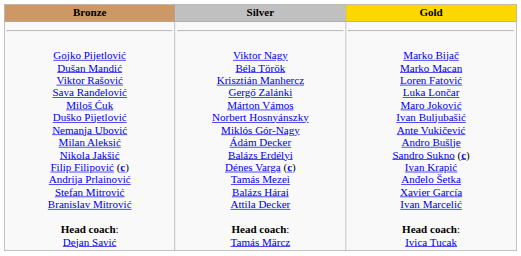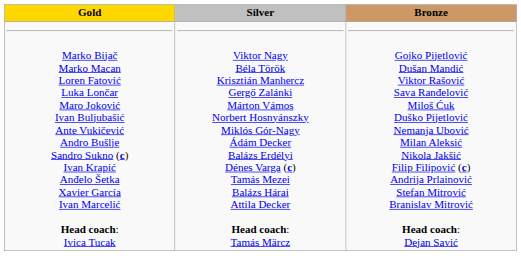 <table class="wikitable">
 <tr>
+<th style="text-align:center; width:15em; background-color:gold;">Gold</th>
+<th style="text-align:center; width:15em; background-color:silver;">Silver</th>
 <th style="text-align:center; width:15em; background-color:#CC9966;">Bronze</th>
-<th style="text-align:center; width:15em; background-color:silver;">Silver</th>
-<th style="text-align:center; width:15em; background-color:gold;">Gold</th>
 </tr>
 <tr>
+<td style="text-align:center; vertical-align:top;"><strong></strong> <hr><br><a href='#'>Marko Bijač</a><br> <a href='#'>Marko Macan</a><br> <a href='#'>Loren Fatović</a><br> <a href='#'>Luka Lončar</a><br> <a href='#'>Maro Joković</a><br> <a href='#'>Ivan Buljubašić</a><br> <a href='#'>Ante Vukičević</a><br> <a href='#'>Andro Bušlje</a><br> <a href='#'>Sandro Sukno</a> (<a href='#'><strong>c</strong></a>)<br> <a href='#'>Ivan Krapić</a><br> <a href='#'>Anđelo Šetka</a><br> <a href='#'>Xavier García</a><br> <a href='#'>Ivan Marcelić</a><br><br><strong>Head coach</strong>: <br><a href='#'>Ivica Tucak</a></td>
+<td style="text-align:center; vertical-align:top;"><strong></strong> <hr><br><a href='#'>Viktor Nagy</a><br> <a href='#'>Béla Török</a><br> <a href='#'>Krisztián Manhercz</a><br> <a href='#'>Gergő Zalánki</a><br> <a href='#'>Márton Vámos</a><br> <a href='#'>Norbert Hosnyánszky</a><br> <a href='#'>Miklós Gór-Nagy</a><br> <a href='#'>Ádám Decker</a><br> <a href='#'>Balázs Erdélyi</a><br> <a href='#'>Dénes Varga</a> (<a href='#'><strong>c</strong></a>)<br> <a href='#'>Tamás Mezei</a><br> <a href='#'>Balázs Hárai</a><br> <a href='#'>Attila Decker</a><br><br><strong>Head coach</strong>: <br><a href='#'>Tamás Märcz</a></td>
 <td style="text-align:center; vertical-align:top;"><strong></strong> <hr><br><a href='#'>Gojko Pijetlović</a><br> <a href='#'>Dušan Mandić</a><br> <a href='#'>Viktor Rašović</a><br> <a href='#'>Sava Ranđelović</a><br> <a href='#'>Miloš Ćuk</a><br> <a href='#'>Duško Pijetlović</a><br> <a href='#'>Nemanja Ubović</a><br> <a href='#'>Milan Aleksić</a><br> <a href='#'>Nikola Jakšić</a><br> <a href='#'>Filip Filipović</a> (<a href='#'><strong>c</strong></a>)<br> <a href='#'>Andrija Prlainović</a><br> <a href='#'>Stefan Mitrović</a><br> <a href='#'>Branislav Mitrović</a><br><br><strong>Head coach</strong>: <br><a href='#'>Dejan Savić</a></td>
-<td style="text-align:center; vertical-align:top;"><strong></strong> <hr><br><a href='#'>Viktor Nagy</a><br> <a href='#'>Béla Török</a><br> <a href='#'>Krisztián Manhercz</a><br> <a href='#'>Gergő Zalánki</a><br> <a href='#'>Márton Vámos</a><br> <a href='#'>Norbert Hosnyánszky</a><br> <a href='#'>Miklós Gór-Nagy</a><br> <a href='#'>Ádám Decker</a><br> <a href='#'>Balázs Erdélyi</a><br> <a href='#'>Dénes Varga</a> (<a href='#'><strong>c</strong></a>)<br> <a href='#'>Tamás Mezei</a><br> <a href='#'>Balázs Hárai</a><br> <a href='#'>Attila Decker</a><br><br><strong>Head coach</strong>: <br><a href='#'>Tamás Märcz</a></td>
-<td style="text-align:center; vertical-align:top;"><strong></strong> <hr><br><a href='#'>Marko Bijač</a><br> <a href='#'>Marko Macan</a><br> <a href='#'>Loren Fatović</a><br> <a href='#'>Luka Lončar</a><br> <a href='#'>Maro Joković</a><br> <a href='#'>Ivan Buljubašić</a><br> <a href='#'>Ante Vukičević</a><br> <a href='#'>Andro Bušlje</a><br> <a href='#'>Sandro Sukno</a> (<a href='#'><strong>c</strong></a>)<br> <a href='#'>Ivan Krapić</a><br> <a href='#'>Anđelo Šetka</a><br> <a href='#'>Xavier García</a><br> <a href='#'>Ivan Marcelić</a><br><br><strong>Head coach</strong>: <br><a href='#'>Ivica Tucak</a></td>
 </tr>
 </table>
